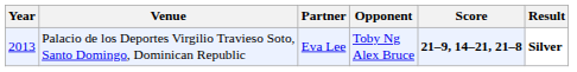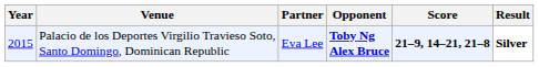 <table class="sortable wikitable" style="font-size: 90%;">
 <tr>
 <th>Year</th>
 <th>Venue</th>
 <th>Partner</th>
 <th>Opponent</th>
 <th>Score</th>
 <th>Result</th>
 </tr>
 <tr style="background:#ECF2FF">
-<td align="center"><a href='#'>2013</a></td>
+<td align="center"><a href='#'>2015</a></td>
 <td align="left">Palacio de los Deportes Virgilio Travieso Soto,<br><a href='#'>Santo Domingo</a>, Dominican Republic</td>
 <td align="left"> <a href='#'>Eva Lee</a></td>
-<td align="left"> <a href='#'>Toby Ng</a><br> <a href='#'>Alex Bruce</a></td>
+<td align="left"><strong> <a href='#'>Toby Ng</a><br> <a href='#'>Alex Bruce</a></strong></td>
 <td align="left"><strong>21–9, 14–21, 21–8</strong></td>
 <td style="text-align:left; background:white"> <strong>Silver</strong></td>
 </tr>
 </table>
